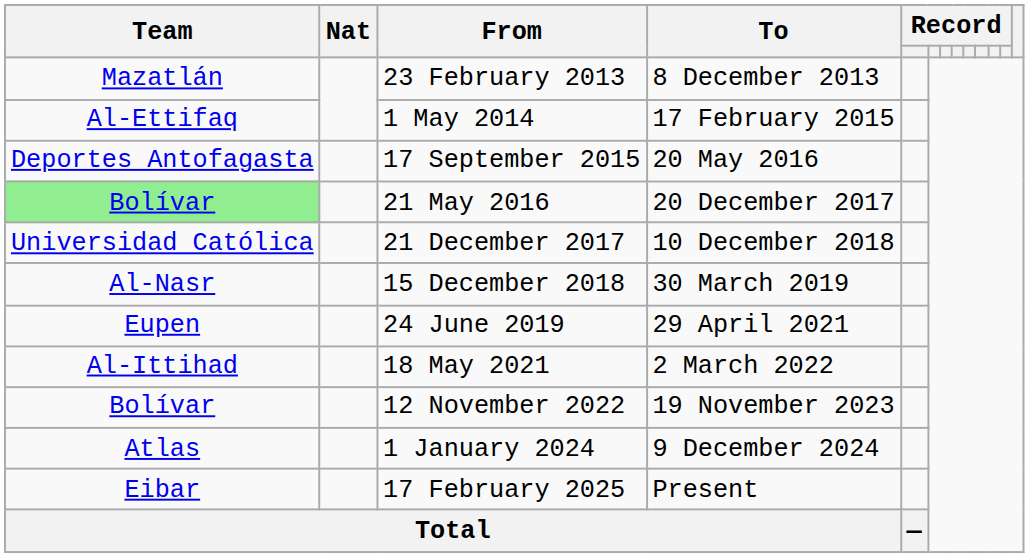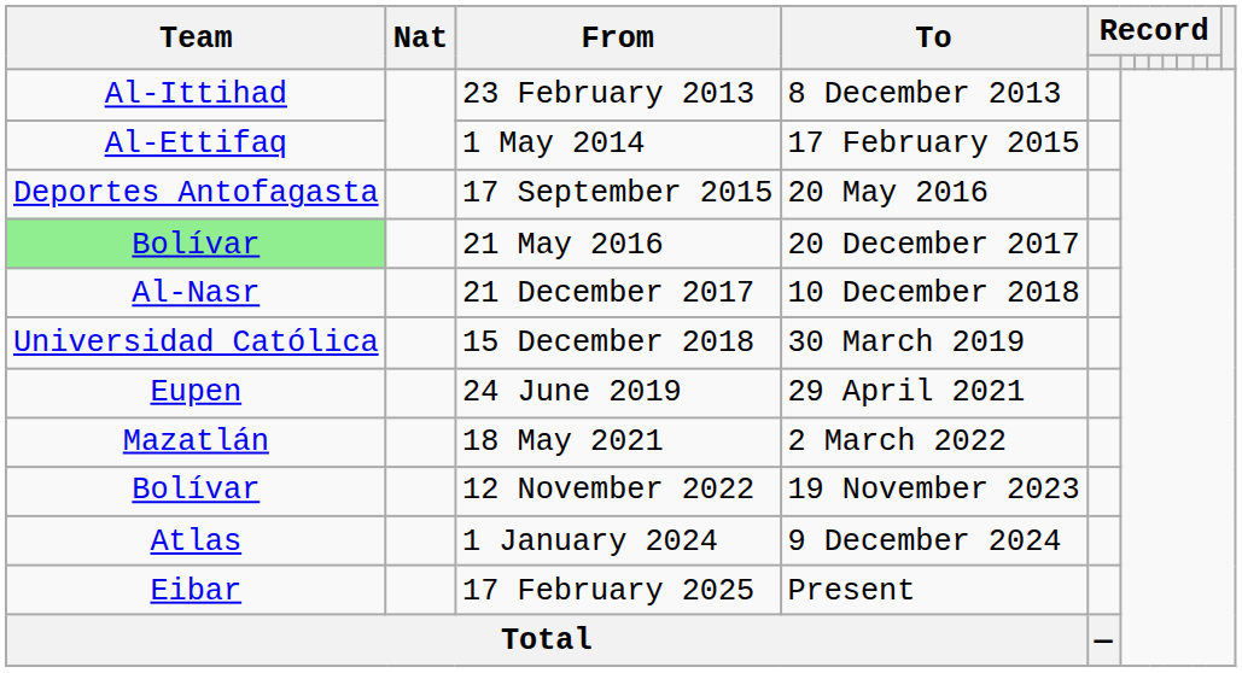 <table class="wikitable" style="text-align: center">
 <tr>
 <th rowspan="2">Team</th>
 <th rowspan="2">Nat</th>
 <th rowspan="2">From</th>
 <th rowspan="2">To</th>
 <th colspan="8">Record</th>
 <th rowspan=2></th>
 </tr>
 <tr>
 <th></th>
 <th></th>
 <th></th>
 <th></th>
 <th></th>
 <th></th>
 <th></th>
 <th></th>
 </tr>
 <tr>
-<td align=center><a href='#'>Mazatlán</a></td>
+<td align=center><a href='#'>Al-Ittihad</a></td>
 <td rowspan="2"></td>
 <td align=left>23 February 2013</td>
 <td align=left>8 December 2013<br></td>
 <td></td>
 </tr>
 <tr>
 <td align=center><a href='#'>Al-Ettifaq</a></td>
 <td align=left>1 May 2014</td>
 <td align=left>17 February 2015<br></td>
 <td></td>
 </tr>
 <tr>
 <td align=center><a href='#'>Deportes Antofagasta</a></td>
 <td></td>
 <td align=left>17 September 2015</td>
 <td align=left>20 May 2016<br></td>
 <td></td>
 </tr>
 <tr>
 <td align=center style="background: lightgreen;"><a href='#'>Bolívar</a></td>
 <td></td>
 <td align=left>21 May 2016</td>
 <td align=left>20 December 2017<br></td>
 <td></td>
 </tr>
 <tr>
-<td align=center><a href='#'>Universidad Católica</a></td>
+<td align=center><a href='#'>Al-Nasr</a></td>
 <td></td>
 <td align=left>21 December 2017</td>
 <td align=left>10 December 2018<br></td>
 <td></td>
 </tr>
 <tr>
-<td align=center><a href='#'>Al-Nasr</a></td>
+<td align=center><a href='#'>Universidad Católica</a></td>
 <td></td>
 <td align=left>15 December 2018</td>
 <td align=left>30 March 2019<br></td>
 <td></td>
 </tr>
 <tr>
 <td align=center><a href='#'>Eupen</a></td>
 <td></td>
 <td align=left>24 June 2019</td>
 <td align=left>29 April 2021<br></td>
 <td></td>
 </tr>
 <tr>
-<td align=center><a href='#'>Al-Ittihad</a></td>
+<td align=center><a href='#'>Mazatlán</a></td>
 <td></td>
 <td align=left>18 May 2021</td>
 <td align=left>2 March 2022<br></td>
 <td></td>
 </tr>
 <tr>
 <td align=center><a href='#'>Bolívar</a></td>
 <td></td>
 <td align=left>12 November 2022</td>
 <td align=left>19 November 2023<br></td>
 <td></td>
 </tr>
 <tr>
 <td align=center><a href='#'>Atlas</a></td>
 <td></td>
 <td align=left>1 January 2024</td>
 <td align=left>9 December 2024<br></td>
 <td></td>
 </tr>
 <tr>
 <td align=center><a href='#'>Eibar</a></td>
 <td></td>
 <td align=left>17 February 2025</td>
 <td align=left>Present<br></td>
 <td></td>
 </tr>
 <tr>
 <th colspan="4">Total<br></th>
 <th>—</th>
 </tr>
 </table>
